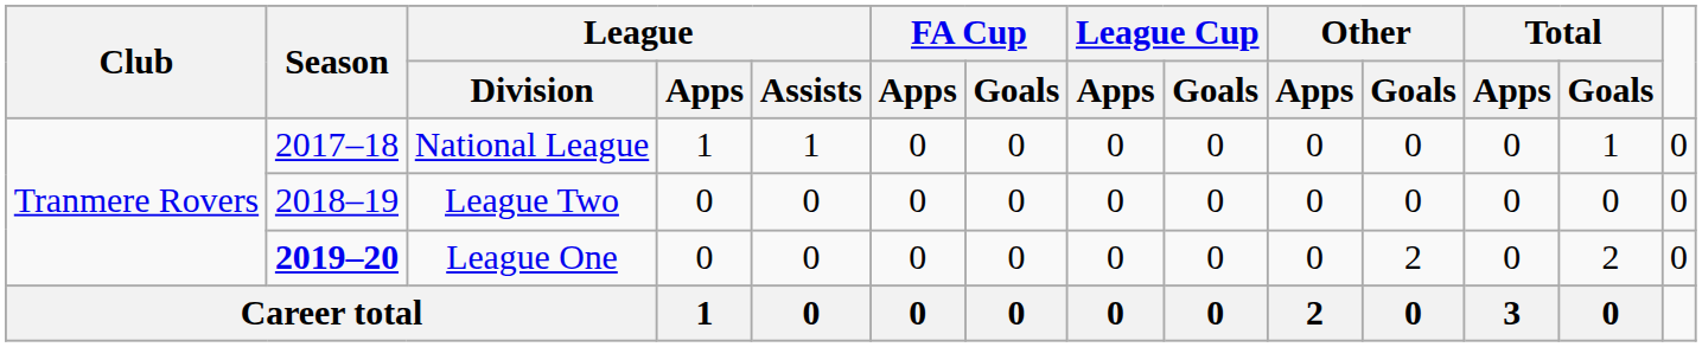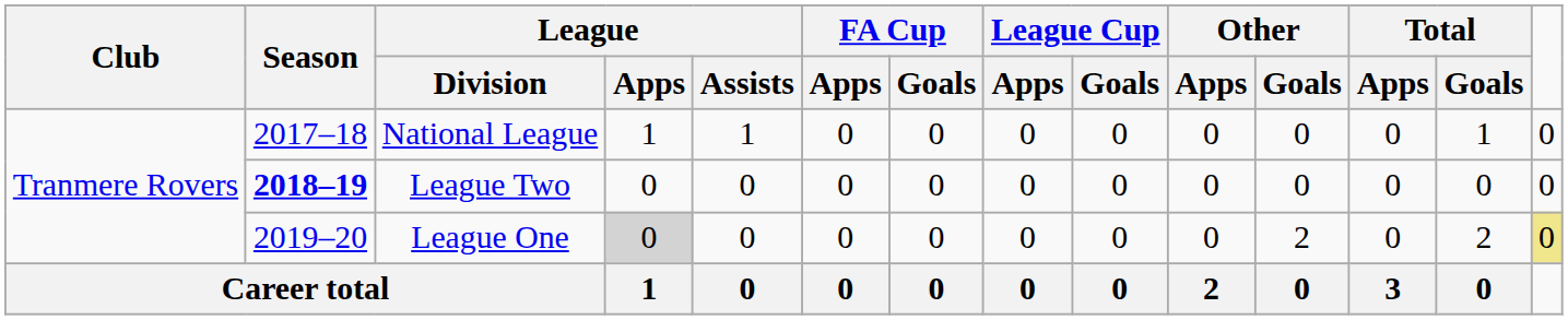 <table class="wikitable" style="text-align: center">
 <tr>
 <th rowspan="2">Club</th>
 <th rowspan="2">Season</th>
 <th colspan="3">League</th>
 <th colspan="2"><a href='#'>FA Cup</a></th>
 <th colspan="2"><a href='#'>League Cup</a></th>
 <th colspan="2">Other</th>
 <th colspan="2">Total</th>
 </tr>
 <tr>
 <th>Division</th>
 <th>Apps</th>
 <th>Assists</th>
 <th>Apps</th>
 <th>Goals</th>
 <th>Apps</th>
 <th>Goals</th>
 <th>Apps</th>
 <th>Goals</th>
 <th>Apps</th>
 <th>Goals</th>
 </tr>
 <tr>
 <td rowspan="3"><a href='#'>Tranmere Rovers</a></td>
 <td><a href='#'>2017–18</a></td>
 <td><a href='#'>National League</a></td>
 <td>1</td>
 <td>1</td>
 <td>0</td>
 <td>0</td>
 <td>0</td>
 <td>0</td>
 <td>0</td>
 <td>0</td>
 <td>0</td>
 <td>1</td>
 <td>0</td>
 </tr>
 <tr>
-<td><a href='#'>2018–19</a></td>
+<td><strong><a href='#'>2018–19</a></strong></td>
 <td><a href='#'>League Two</a></td>
 <td>0</td>
 <td>0</td>
 <td>0</td>
 <td>0</td>
 <td>0</td>
 <td>0</td>
 <td>0</td>
 <td>0</td>
 <td>0</td>
 <td>0</td>
 <td>0</td>
 </tr>
 <tr>
-<td><strong><a href='#'>2019–20</a></strong></td>
+<td><a href='#'>2019–20</a></td>
 <td><a href='#'>League One</a></td>
-<td>0</td>
+<td style="background: lightgrey;">0</td>
 <td>0</td>
 <td>0</td>
 <td>0</td>
 <td>0</td>
 <td>0</td>
 <td>0</td>
 <td>2</td>
 <td>0</td>
 <td>2</td>
-<td>0</td>
+<td style="background: khaki;">0</td>
 </tr>
 <tr>
 <th colspan="3">Career total</th>
 <th>1</th>
 <th>0</th>
 <th>0</th>
 <th>0</th>
 <th>0</th>
 <th>0</th>
 <th>2</th>
 <th>0</th>
 <th>3</th>
 <th>0</th>
 </tr>
 </table>
